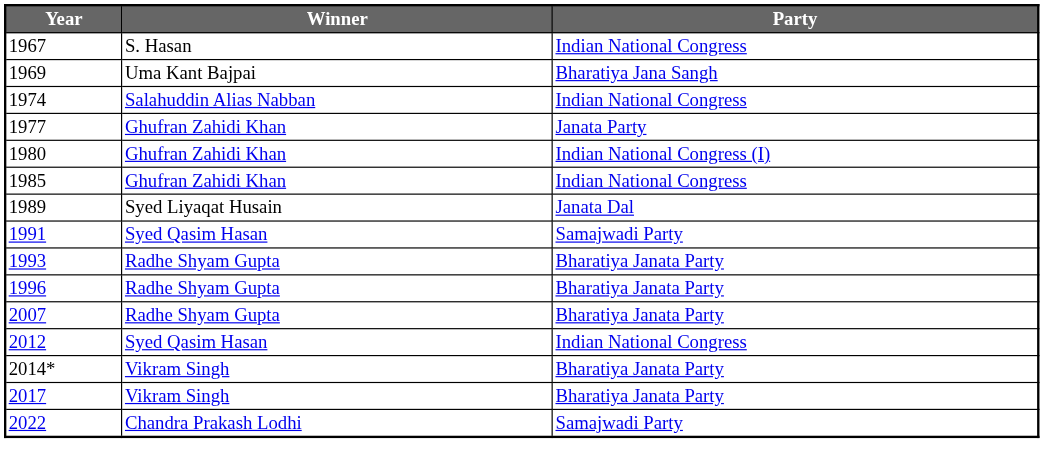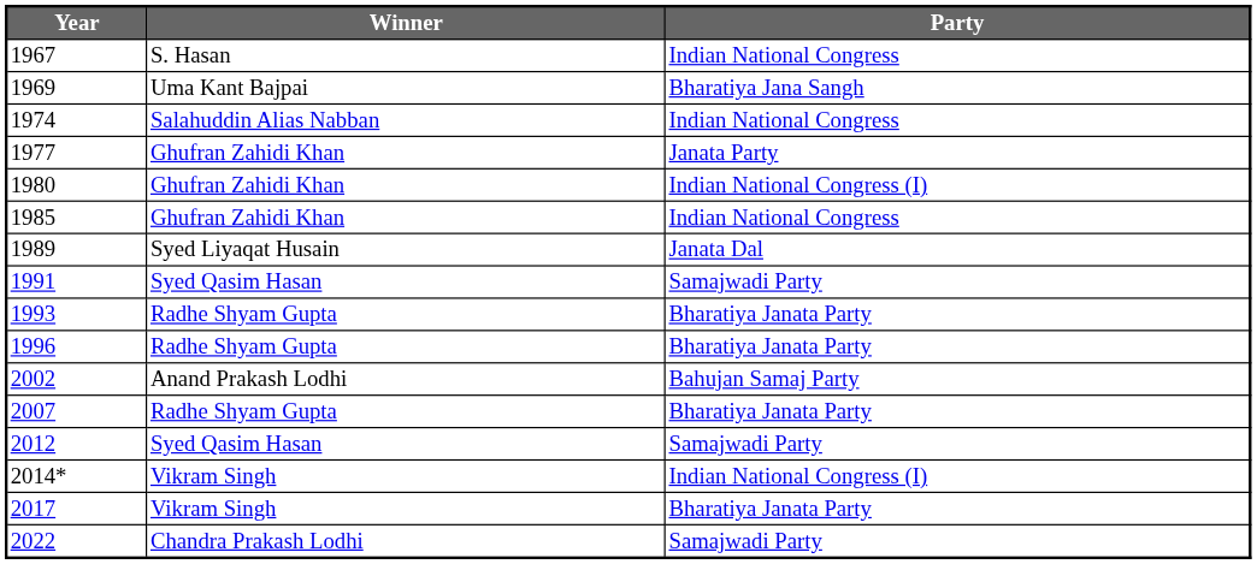 <table class="sortable" width="70%" cellpadding="2" cellspacing="0" border="1" style="border-collapse: collapse; border: 2px #000000 solid; font-size: x-big; font-family: verdana">
 <tr>
 <th style="background-color:#666666; color:white">Year</th>
 <th style="background-color:#666666; color:white">Winner</th>
 <th style="background-color:#666666; color:white">Party</th>
 </tr>
 <tr>
 <td>1967</td>
 <td>S. Hasan</td>
 <td><a href='#'>Indian National Congress</a></td>
 </tr>
 <tr>
 <td>1969</td>
 <td>Uma Kant Bajpai</td>
 <td><a href='#'>Bharatiya Jana Sangh</a></td>
 </tr>
 <tr>
 <td>1974</td>
 <td><a href='#'>Salahuddin Alias Nabban</a></td>
 <td><a href='#'>Indian National Congress</a></td>
 </tr>
 <tr>
 <td>1977</td>
 <td><a href='#'>Ghufran Zahidi Khan</a></td>
 <td><a href='#'>Janata Party</a></td>
 </tr>
 <tr>
 <td>1980</td>
 <td><a href='#'>Ghufran Zahidi Khan</a></td>
 <td><a href='#'>Indian National Congress (I)</a></td>
 </tr>
 <tr>
 <td>1985</td>
 <td><a href='#'>Ghufran Zahidi Khan</a></td>
 <td><a href='#'>Indian National Congress</a></td>
 </tr>
 <tr>
 <td>1989</td>
 <td>Syed Liyaqat Husain</td>
 <td><a href='#'>Janata Dal</a></td>
 </tr>
 <tr>
 <td><a href='#'>1991</a></td>
 <td><a href='#'>Syed Qasim Hasan</a></td>
 <td><a href='#'>Samajwadi Party</a></td>
 </tr>
 <tr>
 <td><a href='#'>1993</a></td>
 <td><a href='#'>Radhe Shyam Gupta</a></td>
 <td><a href='#'>Bharatiya Janata Party</a></td>
 </tr>
 <tr>
 <td><a href='#'>1996</a></td>
 <td><a href='#'>Radhe Shyam Gupta</a></td>
 <td><a href='#'>Bharatiya Janata Party</a></td>
 </tr>
 <tr>
+<td><a href='#'>2002</a></td>
+<td>Anand Prakash Lodhi</td>
+<td><a href='#'>Bahujan Samaj Party</a></td>
+</tr>
+<tr>
 <td><a href='#'>2007</a></td>
 <td><a href='#'>Radhe Shyam Gupta</a></td>
 <td><a href='#'>Bharatiya Janata Party</a></td>
 </tr>
 <tr>
 <td><a href='#'>2012</a></td>
 <td><a href='#'>Syed Qasim Hasan</a></td>
-<td><a href='#'>Indian National Congress</a></td>
+<td><a href='#'>Samajwadi Party</a></td>
 </tr>
 <tr>
 <td>2014*</td>
 <td><a href='#'>Vikram Singh</a></td>
-<td><a href='#'>Bharatiya Janata Party</a></td>
+<td><a href='#'>Indian National Congress (I)</a></td>
 </tr>
 <tr>
 <td><a href='#'>2017</a></td>
 <td><a href='#'>Vikram Singh</a></td>
 <td><a href='#'>Bharatiya Janata Party</a></td>
 </tr>
 <tr>
 <td><a href='#'>2022</a></td>
 <td><a href='#'>Chandra Prakash Lodhi</a></td>
 <td><a href='#'>Samajwadi Party</a></td>
 </tr>
 </table>
